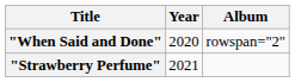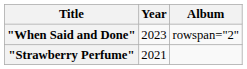 <table class="wikitable plainrowheaders" style="text-align:center;">
 <tr>
 <th scope="col">Title</th>
 <th scope="col">Year</th>
 <th scope="col">Album</th>
 </tr>
 <tr>
 <th scope="row">"When Said and Done"<br></th>
-<td>2020</td>
+<td>2023</td>
 <td>rowspan="2" </td>
 </tr>
 <tr>
 <th scope="row">"Strawberry Perfume"<br></th>
 <td>2021</td>
 </tr>
 </table>
